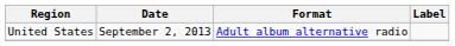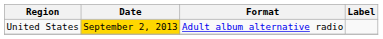 <table class="wikitable">
 <tr>
 <th>Region</th>
 <th>Date</th>
 <th>Format</th>
 <th>Label</th>
 </tr>
 <tr>
 <td>United States</td>
-<td>September 2, 2013</td>
+<td style="background: gold;">September 2, 2013</td>
 <td><a href='#'>Adult album alternative</a> radio</td>
 <td></td>
 </tr>
 <tr>
 </tr>
 </table>
